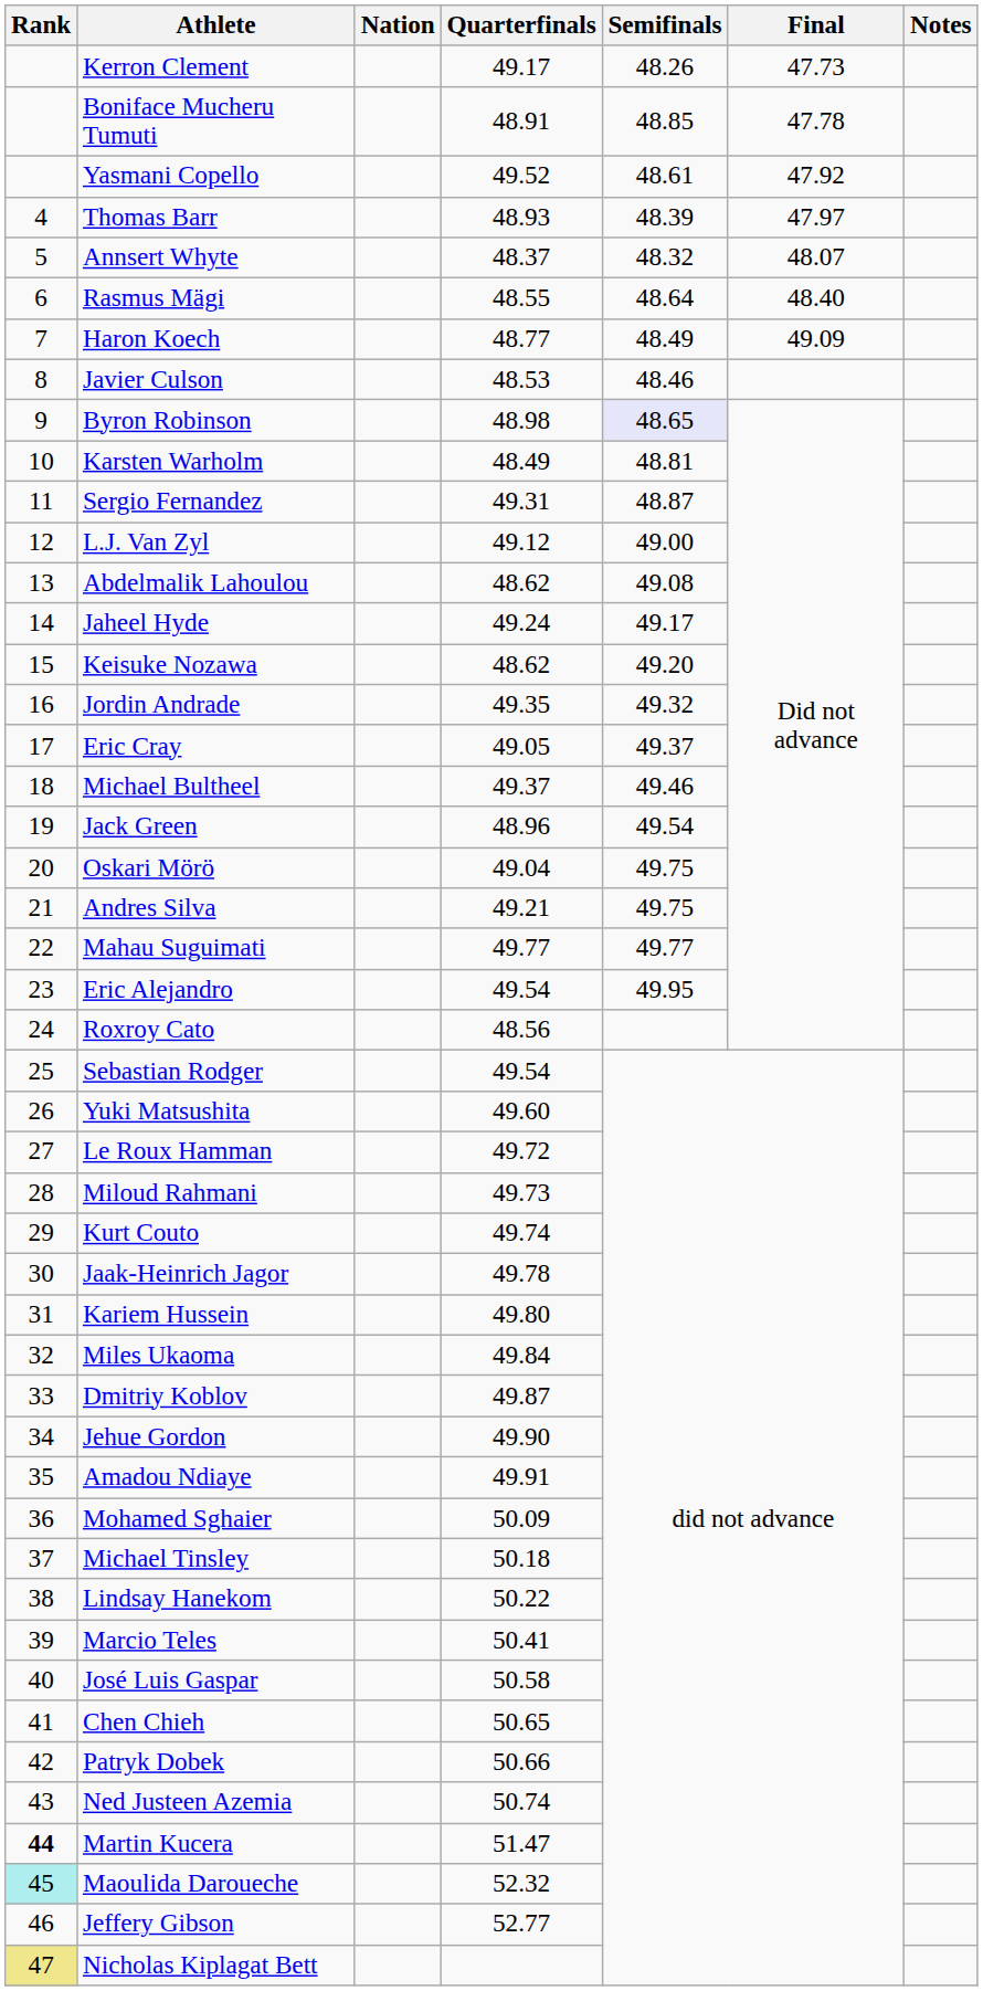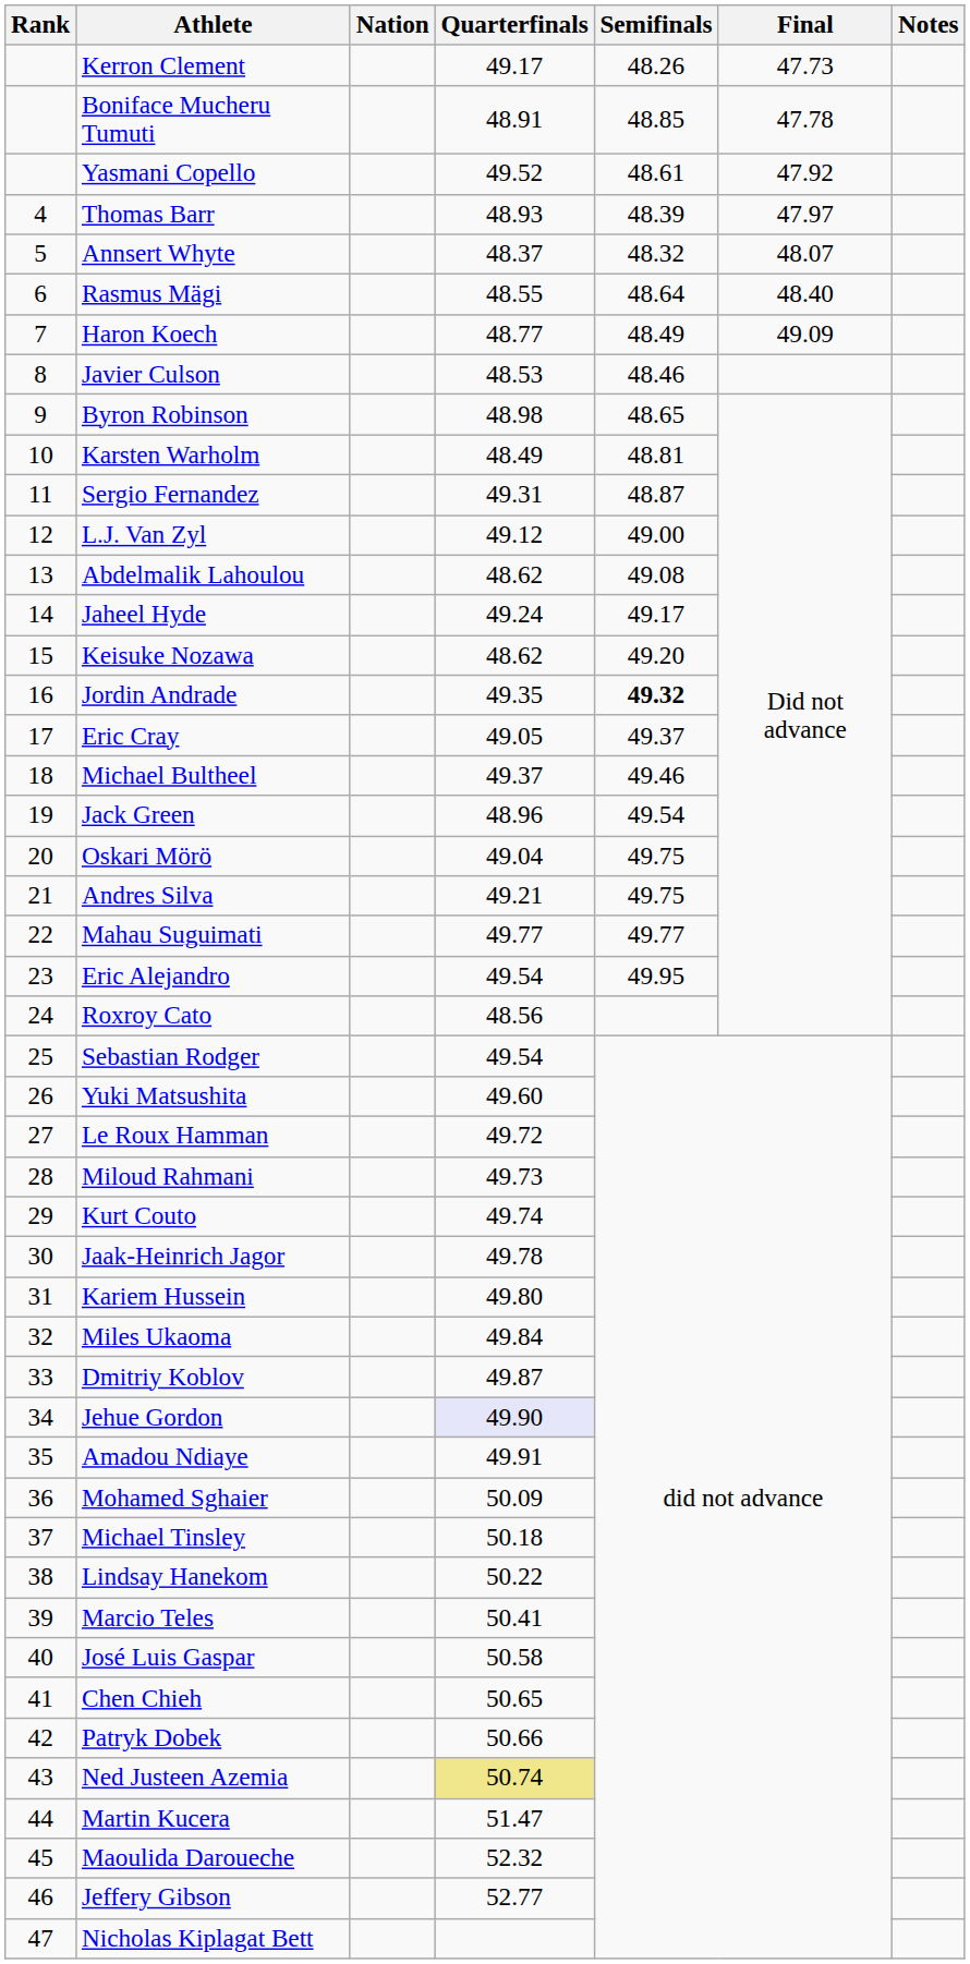 <table class="wikitable sortable" style="text-align:center">
 <tr>
 <th>Rank</th>
 <th>Athlete</th>
 <th>Nation</th>
 <th>Quarterfinals</th>
 <th>Semifinals</th>
 <th>Final</th>
 <th>Notes</th>
 </tr>
 <tr>
 <td></td>
 <td align=left><a href='#'>Kerron Clement</a></td>
 <td align=left></td>
 <td>49.17</td>
 <td>48.26</td>
 <td>47.73</td>
 <td></td>
 </tr>
 <tr>
 <td></td>
 <td align=left><a href='#'>Boniface Mucheru Tumuti</a></td>
 <td align=left></td>
 <td>48.91</td>
 <td>48.85</td>
 <td>47.78</td>
 <td></td>
 </tr>
 <tr>
 <td></td>
 <td align=left><a href='#'>Yasmani Copello</a></td>
 <td align=left></td>
 <td>49.52</td>
 <td>48.61</td>
 <td>47.92</td>
 <td></td>
 </tr>
 <tr>
 <td>4</td>
 <td align=left><a href='#'>Thomas Barr</a></td>
 <td align=left></td>
 <td>48.93</td>
 <td>48.39</td>
 <td>47.97</td>
 <td></td>
 </tr>
 <tr>
 <td>5</td>
 <td align=left><a href='#'>Annsert Whyte</a></td>
 <td align=left></td>
 <td>48.37</td>
 <td>48.32</td>
 <td>48.07</td>
 <td></td>
 </tr>
 <tr>
 <td>6</td>
 <td align=left><a href='#'>Rasmus Mägi</a></td>
 <td align=left></td>
 <td>48.55</td>
 <td>48.64</td>
 <td>48.40</td>
 <td></td>
 </tr>
 <tr>
 <td>7</td>
 <td align=left><a href='#'>Haron Koech</a></td>
 <td align=left></td>
 <td>48.77</td>
 <td>48.49</td>
 <td>49.09</td>
 <td></td>
 </tr>
 <tr>
 <td>8</td>
 <td align=left><a href='#'>Javier Culson</a></td>
 <td align=left></td>
 <td>48.53</td>
 <td>48.46</td>
 <td data-sort-value=80.00></td>
 <td></td>
 </tr>
 <tr>
 <td>9</td>
 <td align=left><a href='#'>Byron Robinson</a></td>
 <td align=left></td>
 <td>48.98</td>
-<td style="background: lavender;">48.65</td>
+<td>48.65</td>
 <td rowspan=16 data-sort-value=99.99>Did not advance</td>
 <td></td>
 </tr>
 <tr>
 <td>10</td>
 <td align=left><a href='#'>Karsten Warholm</a></td>
 <td align=left></td>
 <td>48.49</td>
 <td>48.81</td>
 <td></td>
 </tr>
 <tr>
 <td>11</td>
 <td align=left><a href='#'>Sergio Fernandez</a></td>
 <td align=left></td>
 <td>49.31</td>
 <td>48.87</td>
 <td></td>
 </tr>
 <tr>
 <td>12</td>
 <td align=left><a href='#'>L.J. Van Zyl</a></td>
 <td align=left></td>
 <td>49.12</td>
 <td>49.00</td>
 <td></td>
 </tr>
 <tr>
 <td>13</td>
 <td align=left><a href='#'>Abdelmalik Lahoulou</a></td>
 <td align=left></td>
 <td>48.62</td>
 <td>49.08</td>
 <td></td>
 </tr>
 <tr>
 <td>14</td>
 <td align=left><a href='#'>Jaheel Hyde</a></td>
 <td align=left></td>
 <td>49.24</td>
 <td>49.17</td>
 <td></td>
 </tr>
 <tr>
 <td>15</td>
 <td align=left><a href='#'>Keisuke Nozawa</a></td>
 <td align=left></td>
 <td>48.62</td>
 <td>49.20</td>
 <td></td>
 </tr>
 <tr>
 <td>16</td>
 <td align=left><a href='#'>Jordin Andrade</a></td>
 <td align=left></td>
 <td>49.35</td>
-<td>49.32</td>
+<td><strong>49.32</strong></td>
 <td></td>
 </tr>
 <tr>
 <td>17</td>
 <td align=left><a href='#'>Eric Cray</a></td>
 <td align=left></td>
 <td>49.05</td>
 <td>49.37</td>
 <td></td>
 </tr>
 <tr>
 <td>18</td>
 <td align=left><a href='#'>Michael Bultheel</a></td>
 <td align=left></td>
 <td>49.37</td>
 <td>49.46</td>
 <td></td>
 </tr>
 <tr>
 <td>19</td>
 <td align=left><a href='#'>Jack Green</a></td>
 <td align=left></td>
 <td>48.96</td>
 <td>49.54</td>
 <td></td>
 </tr>
 <tr>
 <td>20</td>
 <td align=left><a href='#'>Oskari Mörö</a></td>
 <td align=left></td>
 <td>49.04</td>
 <td>49.75</td>
 <td></td>
 </tr>
 <tr>
 <td>21</td>
 <td align=left><a href='#'>Andres Silva</a></td>
 <td align=left></td>
 <td>49.21</td>
 <td>49.75</td>
 <td></td>
 </tr>
 <tr>
 <td>22</td>
 <td align=left><a href='#'>Mahau Suguimati</a></td>
 <td align=left></td>
 <td>49.77</td>
 <td>49.77</td>
 <td></td>
 </tr>
 <tr>
 <td>23</td>
 <td align=left><a href='#'>Eric Alejandro</a></td>
 <td align=left></td>
 <td>49.54</td>
 <td>49.95</td>
 <td></td>
 </tr>
 <tr>
 <td>24</td>
 <td align=left><a href='#'>Roxroy Cato</a></td>
 <td align=left></td>
 <td>48.56</td>
 <td data-sort-value=80.00></td>
 <td></td>
 </tr>
 <tr>
 <td>25</td>
 <td align=left><a href='#'>Sebastian Rodger</a></td>
 <td align=left></td>
 <td>49.54</td>
 <td rowspan=23 data-sort-value=99.99 colspan=2>did not advance</td>
 <td></td>
 </tr>
 <tr>
 <td>26</td>
 <td align=left><a href='#'>Yuki Matsushita</a></td>
 <td align=left></td>
 <td>49.60</td>
 <td></td>
 </tr>
 <tr>
 <td>27</td>
 <td align=left><a href='#'>Le Roux Hamman</a></td>
 <td align=left></td>
 <td>49.72</td>
 <td></td>
 </tr>
 <tr>
 <td>28</td>
 <td align=left><a href='#'>Miloud Rahmani</a></td>
 <td align=left></td>
 <td>49.73</td>
 <td></td>
 </tr>
 <tr>
 <td>29</td>
 <td align=left><a href='#'>Kurt Couto</a></td>
 <td align=left></td>
 <td>49.74</td>
 <td></td>
 </tr>
 <tr>
 <td>30</td>
 <td align=left><a href='#'>Jaak-Heinrich Jagor</a></td>
 <td align=left></td>
 <td>49.78</td>
 <td></td>
 </tr>
 <tr>
 <td>31</td>
 <td align=left><a href='#'>Kariem Hussein</a></td>
 <td align=left></td>
 <td>49.80</td>
 <td></td>
 </tr>
 <tr>
 <td>32</td>
 <td align=left><a href='#'>Miles Ukaoma</a></td>
 <td align=left></td>
 <td>49.84</td>
 <td></td>
 </tr>
 <tr>
 <td>33</td>
 <td align=left><a href='#'>Dmitriy Koblov</a></td>
 <td align=left></td>
 <td>49.87</td>
 <td></td>
 </tr>
 <tr>
 <td>34</td>
 <td align=left><a href='#'>Jehue Gordon</a></td>
 <td align=left></td>
-<td>49.90</td>
+<td style="background: lavender;">49.90</td>
 <td></td>
 </tr>
 <tr>
 <td>35</td>
 <td align=left><a href='#'>Amadou Ndiaye</a></td>
 <td align=left></td>
 <td>49.91</td>
 <td></td>
 </tr>
 <tr>
 <td>36</td>
 <td align=left><a href='#'>Mohamed Sghaier</a></td>
 <td align=left></td>
 <td>50.09</td>
 <td></td>
 </tr>
 <tr>
 <td>37</td>
 <td align=left><a href='#'>Michael Tinsley</a></td>
 <td align=left></td>
 <td>50.18</td>
 <td></td>
 </tr>
 <tr>
 <td>38</td>
 <td align=left><a href='#'>Lindsay Hanekom</a></td>
 <td align=left></td>
 <td>50.22</td>
 <td></td>
 </tr>
 <tr>
 <td>39</td>
 <td align=left><a href='#'>Marcio Teles</a></td>
 <td align=left></td>
 <td>50.41</td>
 <td></td>
 </tr>
 <tr>
 <td>40</td>
 <td align=left><a href='#'>José Luis Gaspar</a></td>
 <td align=left></td>
 <td>50.58</td>
 <td></td>
 </tr>
 <tr>
 <td>41</td>
 <td align=left><a href='#'>Chen Chieh</a></td>
 <td align=left></td>
 <td>50.65</td>
 <td></td>
 </tr>
 <tr>
 <td>42</td>
 <td align=left><a href='#'>Patryk Dobek</a></td>
 <td align=left></td>
 <td>50.66</td>
 <td></td>
 </tr>
 <tr>
 <td>43</td>
 <td align=left><a href='#'>Ned Justeen Azemia</a></td>
 <td align=left></td>
-<td>50.74</td>
+<td style="background: khaki;">50.74</td>
 <td></td>
 </tr>
 <tr>
-<td><strong>44</strong></td>
+<td>44</td>
 <td align=left><a href='#'>Martin Kucera</a></td>
 <td align=left></td>
 <td>51.47</td>
 <td></td>
 </tr>
 <tr>
-<td style="background: paleturquoise;">45</td>
+<td>45</td>
 <td align=left><a href='#'>Maoulida Daroueche</a></td>
 <td align=left></td>
 <td>52.32</td>
 <td></td>
 </tr>
 <tr>
 <td>46</td>
 <td align=left><a href='#'>Jeffery Gibson</a></td>
 <td align=left></td>
 <td>52.77</td>
 <td></td>
 </tr>
 <tr>
-<td style="background: khaki;">47</td>
+<td>47</td>
 <td align=left><a href='#'>Nicholas Kiplagat Bett</a></td>
 <td align=left></td>
 <td data-sort-value=80.00></td>
 <td></td>
 </tr>
 </table>
